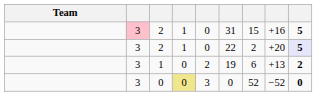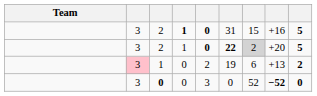 <table class="wikitable" style="text-align: center; font-size:90% ">
 <tr>
 <th width="160">Team</th>
 <th width="25"></th>
 <th width="25"></th>
 <th width="25"></th>
 <th width="25"></th>
 <th width="25"></th>
 <th width="25"></th>
 <th width="25"></th>
 <th width="25"></th>
 </tr>
 <tr>
 <td align="left"></td>
-<td style="background: pink;">3</td>
+<td>3</td>
 <td>2</td>
-<td>1</td>
-<td>0</td>
+<td><strong>1</strong></td>
+<td><strong>0</strong></td>
 <td>31</td>
 <td>15</td>
 <td>+16</td>
 <td><strong>5</strong></td>
 </tr>
 <tr>
 <td align="left"></td>
 <td>3</td>
 <td>2</td>
 <td>1</td>
-<td>0</td>
-<td>22</td>
-<td>2</td>
+<td><strong>0</strong></td>
+<td><strong>22</strong></td>
+<td style="background: lightgrey;">2</td>
 <td>+20</td>
-<td style="background: lavender;"><strong>5</strong></td>
+<td><strong>5</strong></td>
 </tr>
 <tr>
 <td align="left"></td>
-<td>3</td>
+<td style="background: pink;">3</td>
 <td>1</td>
 <td>0</td>
 <td>2</td>
 <td>19</td>
 <td>6</td>
 <td>+13</td>
 <td><strong>2</strong></td>
 </tr>
 <tr>
 <td align="left"></td>
 <td>3</td>
+<td><strong>0</strong></td>
 <td>0</td>
-<td style="background: khaki;">0</td>
 <td>3</td>
 <td>0</td>
 <td>52</td>
-<td>−52</td>
+<td><strong>−52</strong></td>
 <td><strong>0</strong></td>
 </tr>
 </table>
